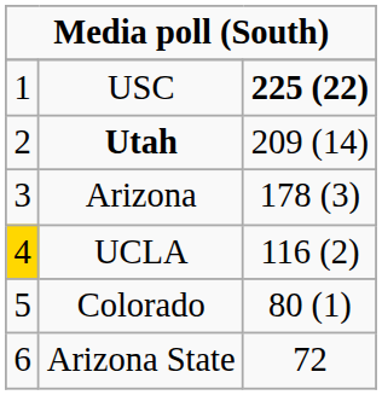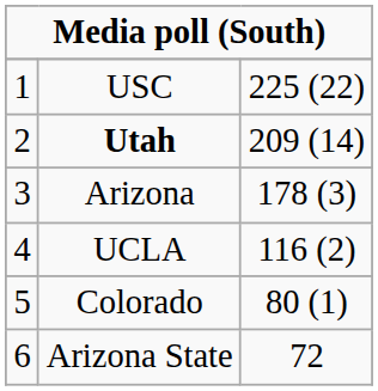 <table class="wikitable">
 <tr align="center">
 <td align="center" Colspan="3"><strong>Media poll (South)</strong></td>
 </tr>
 <tr align="center">
 </tr>
 <tr align="center">
 <td>1</td>
 <td>USC</td>
-<td><strong>225 (22)</strong></td>
+<td>225 (22)</td>
 </tr>
 <tr align="center">
 <td>2</td>
 <td><strong>Utah</strong></td>
 <td>209 (14)</td>
 </tr>
 <tr align="center">
 <td>3</td>
 <td>Arizona</td>
 <td>178 (3)</td>
 </tr>
 <tr align="center">
-<td style="background: gold;">4</td>
+<td>4</td>
 <td>UCLA</td>
 <td>116 (2)</td>
 </tr>
 <tr align="center">
 <td>5</td>
 <td>Colorado</td>
 <td>80 (1)</td>
 </tr>
 <tr align="center">
 <td>6</td>
 <td>Arizona State</td>
 <td>72</td>
 </tr>
 </table>
